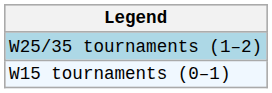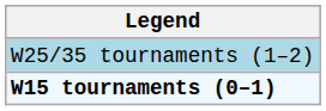 <table class=wikitable style="font-size:85%">
 <tr>
 <th>Legend</th>
 </tr>
 <tr style="background:lightblue;">
 <td>W25/35 tournaments (1–2)</td>
 </tr>
 <tr style="background:#f0f8ff;">
-<td>W15 tournaments (0–1)</td>
+<td><strong>W15 tournaments (0–1)</strong></td>
 </tr>
 </table>
